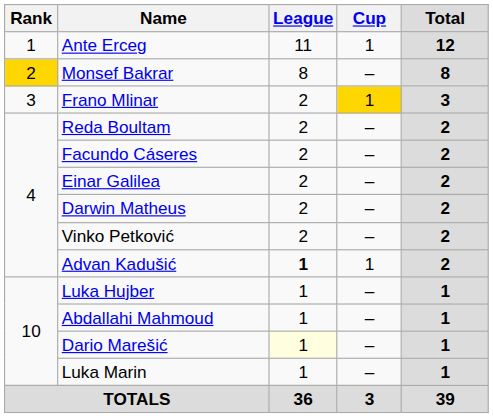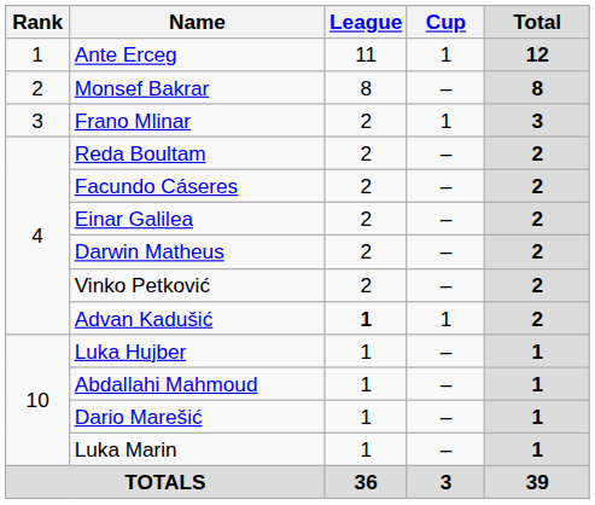 <table class="wikitable" style="font-size: 95%; text-align: center;">
 <tr>
 <th width=40>Rank</th>
 <th width=180>Name</th>
 <th width=50><a href='#'>League</a></th>
 <th width=50><a href='#'>Cup</a></th>
 <th width=70 style="background: #DCDCDC">Total</th>
 </tr>
 <tr>
 <td>1</td>
 <td style="text-align:left;"> <a href='#'>Ante Erceg</a></td>
 <td>11</td>
 <td>1</td>
 <th style="background: #DCDCDC">12</th>
 </tr>
 <tr>
-<td style="background: gold;">2</td>
+<td>2</td>
 <td style="text-align:left;"> <a href='#'>Monsef Bakrar</a></td>
 <td>8</td>
 <td>–</td>
 <th style="background: #DCDCDC">8</th>
 </tr>
 <tr>
 <td>3</td>
 <td style="text-align:left;"> <a href='#'>Frano Mlinar</a></td>
 <td>2</td>
-<td style="background: gold;">1</td>
+<td>1</td>
 <th style="background: #DCDCDC">3</th>
 </tr>
 <tr>
 <td rowspan=6>4</td>
 <td style="text-align:left;"> <a href='#'>Reda Boultam</a></td>
 <td>2</td>
 <td>–</td>
 <th style="background: #DCDCDC">2</th>
 </tr>
 <tr>
 <td style="text-align:left;"> <a href='#'>Facundo Cáseres</a></td>
 <td>2</td>
 <td>–</td>
 <th style="background: #DCDCDC">2</th>
 </tr>
 <tr>
 <td style="text-align:left;"> <a href='#'>Einar Galilea</a></td>
 <td>2</td>
 <td>–</td>
 <th style="background: #DCDCDC">2</th>
 </tr>
 <tr>
 <td style="text-align:left;"> <a href='#'>Darwin Matheus</a></td>
 <td>2</td>
 <td>–</td>
 <th style="background: #DCDCDC">2</th>
 </tr>
 <tr>
 <td style="text-align:left;"> Vinko Petković</td>
 <td>2</td>
 <td>–</td>
 <th style="background: #DCDCDC">2</th>
 </tr>
 <tr>
 <td style="text-align:left;"> <a href='#'>Advan Kadušić</a></td>
 <td><strong>1</strong></td>
 <td>1</td>
 <th style="background: #DCDCDC">2</th>
 </tr>
 <tr>
 <td rowspan=4>10</td>
 <td style="text-align:left;"> <a href='#'>Luka Hujber</a></td>
 <td>1</td>
 <td>–</td>
 <th style="background: #DCDCDC">1</th>
 </tr>
 <tr>
 <td style="text-align:left;"> <a href='#'>Abdallahi Mahmoud</a></td>
 <td>1</td>
 <td>–</td>
 <th style="background: #DCDCDC">1</th>
 </tr>
 <tr>
 <td style="text-align:left;"> <a href='#'>Dario Marešić</a></td>
-<td style="background: lightyellow;">1</td>
+<td>1</td>
 <td>–</td>
 <th style="background: #DCDCDC">1</th>
 </tr>
 <tr>
 <td style="text-align:left;"> Luka Marin</td>
 <td>1</td>
 <td>–</td>
 <th style="background: #DCDCDC">1</th>
 </tr>
 <tr>
 <th colspan="2" align="center" style="background: #DCDCDC">TOTALS</th>
 <th style="background: #DCDCDC">36</th>
 <th style="background: #DCDCDC">3</th>
 <th style="background: #DCDCDC">39</th>
 </tr>
 </table>
